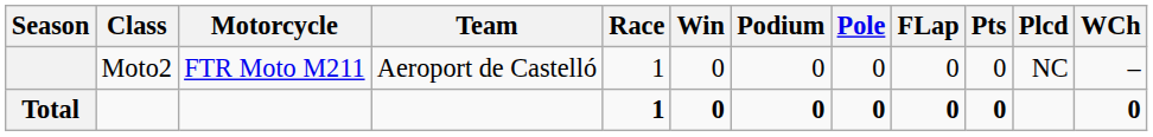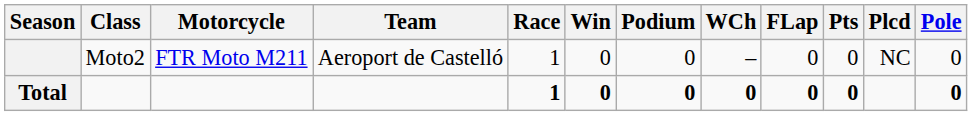 <table class="wikitable" style=text-align:right>
 <tr>
 <th>Season</th>
 <th>Class</th>
 <th>Motorcycle</th>
 <th>Team</th>
 <th>Race</th>
 <th>Win</th>
 <th>Podium</th>
-<th><a href='#'>Pole</a></th>
+<th>WCh</th>
 <th>FLap</th>
 <th>Pts</th>
 <th>Plcd</th>
-<th>WCh</th>
+<th><a href='#'>Pole</a></th>
 </tr>
 <tr>
 <th></th>
 <td>Moto2</td>
 <td><a href='#'>FTR Moto M211</a></td>
 <td>Aeroport de Castelló</td>
 <td>1</td>
 <td>0</td>
 <td>0</td>
-<td>0</td>
+<td>–</td>
 <td>0</td>
 <td>0</td>
 <td>NC</td>
-<td>–</td>
+<td>0</td>
 </tr>
 <tr>
 <th>Total</th>
 <td></td>
 <td></td>
 <td></td>
 <td><strong>1</strong></td>
 <td><strong>0</strong></td>
 <td><strong>0</strong></td>
 <td><strong>0</strong></td>
 <td><strong>0</strong></td>
 <td><strong>0</strong></td>
 <td></td>
 <td><strong>0</strong></td>
 </tr>
 </table>
